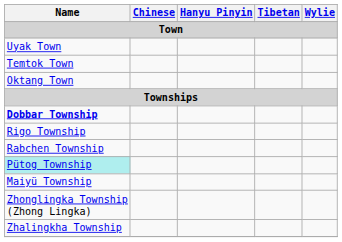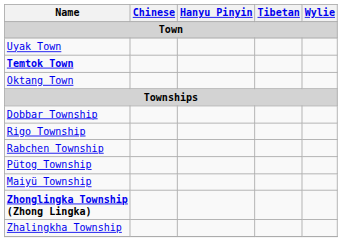 <table class="wikitable"  style="font-size:90%;" align=center>
 <tr>
 <th>Name</th>
 <th><a href='#'>Chinese</a></th>
 <th><a href='#'>Hanyu Pinyin</a></th>
 <th><a href='#'>Tibetan</a></th>
 <th><a href='#'>Wylie</a></th>
 </tr>
 <tr --------->
 <td colspan="7"  style="text-align:center; background:#d3d3d3;"><strong>Town</strong></td>
 </tr>
 <tr --------->
 <td><a href='#'>Uyak Town</a></td>
 <td></td>
 <td></td>
 <td></td>
 <td></td>
 </tr>
 <tr>
-<td><a href='#'>Temtok Town</a></td>
+<td><strong><a href='#'>Temtok Town</a></strong></td>
 <td></td>
 <td></td>
 <td></td>
 <td></td>
 </tr>
 <tr>
 <td><a href='#'>Oktang Town</a></td>
 <td></td>
 <td></td>
 <td></td>
 <td></td>
 </tr>
 <tr --------->
 <td colspan="7"  style="text-align:center; background:#d3d3d3;"><strong>Townships</strong></td>
 </tr>
 <tr --------->
-<td><strong><a href='#'>Dobbar Township</a></strong></td>
+<td><a href='#'>Dobbar Township</a></td>
 <td></td>
 <td></td>
 <td></td>
 <td></td>
 </tr>
 <tr>
 <td><a href='#'>Rigo Township</a></td>
 <td></td>
 <td></td>
 <td></td>
 <td></td>
 </tr>
 <tr>
 <td><a href='#'>Rabchen Township</a></td>
 <td></td>
 <td></td>
 <td></td>
 <td></td>
 </tr>
 <tr>
-<td style="background: paleturquoise;"><a href='#'>Pütog Township</a></td>
+<td><a href='#'>Pütog Township</a></td>
 <td></td>
 <td></td>
 <td></td>
 <td></td>
 </tr>
 <tr>
 <td><a href='#'>Maiyü Township</a></td>
 <td></td>
 <td></td>
 <td></td>
 <td></td>
 </tr>
 <tr>
-<td><a href='#'>Zhonglingka Township</a><br>(Zhong Lingka)</td>
+<td><strong><a href='#'>Zhonglingka Township</a><br>(Zhong Lingka)</strong></td>
 <td></td>
 <td></td>
 <td></td>
 <td></td>
 </tr>
 <tr>
 <td><a href='#'>Zhalingkha Township</a></td>
 <td></td>
 <td></td>
 <td></td>
 <td></td>
 </tr>
 <tr>
 </tr>
 </table>
